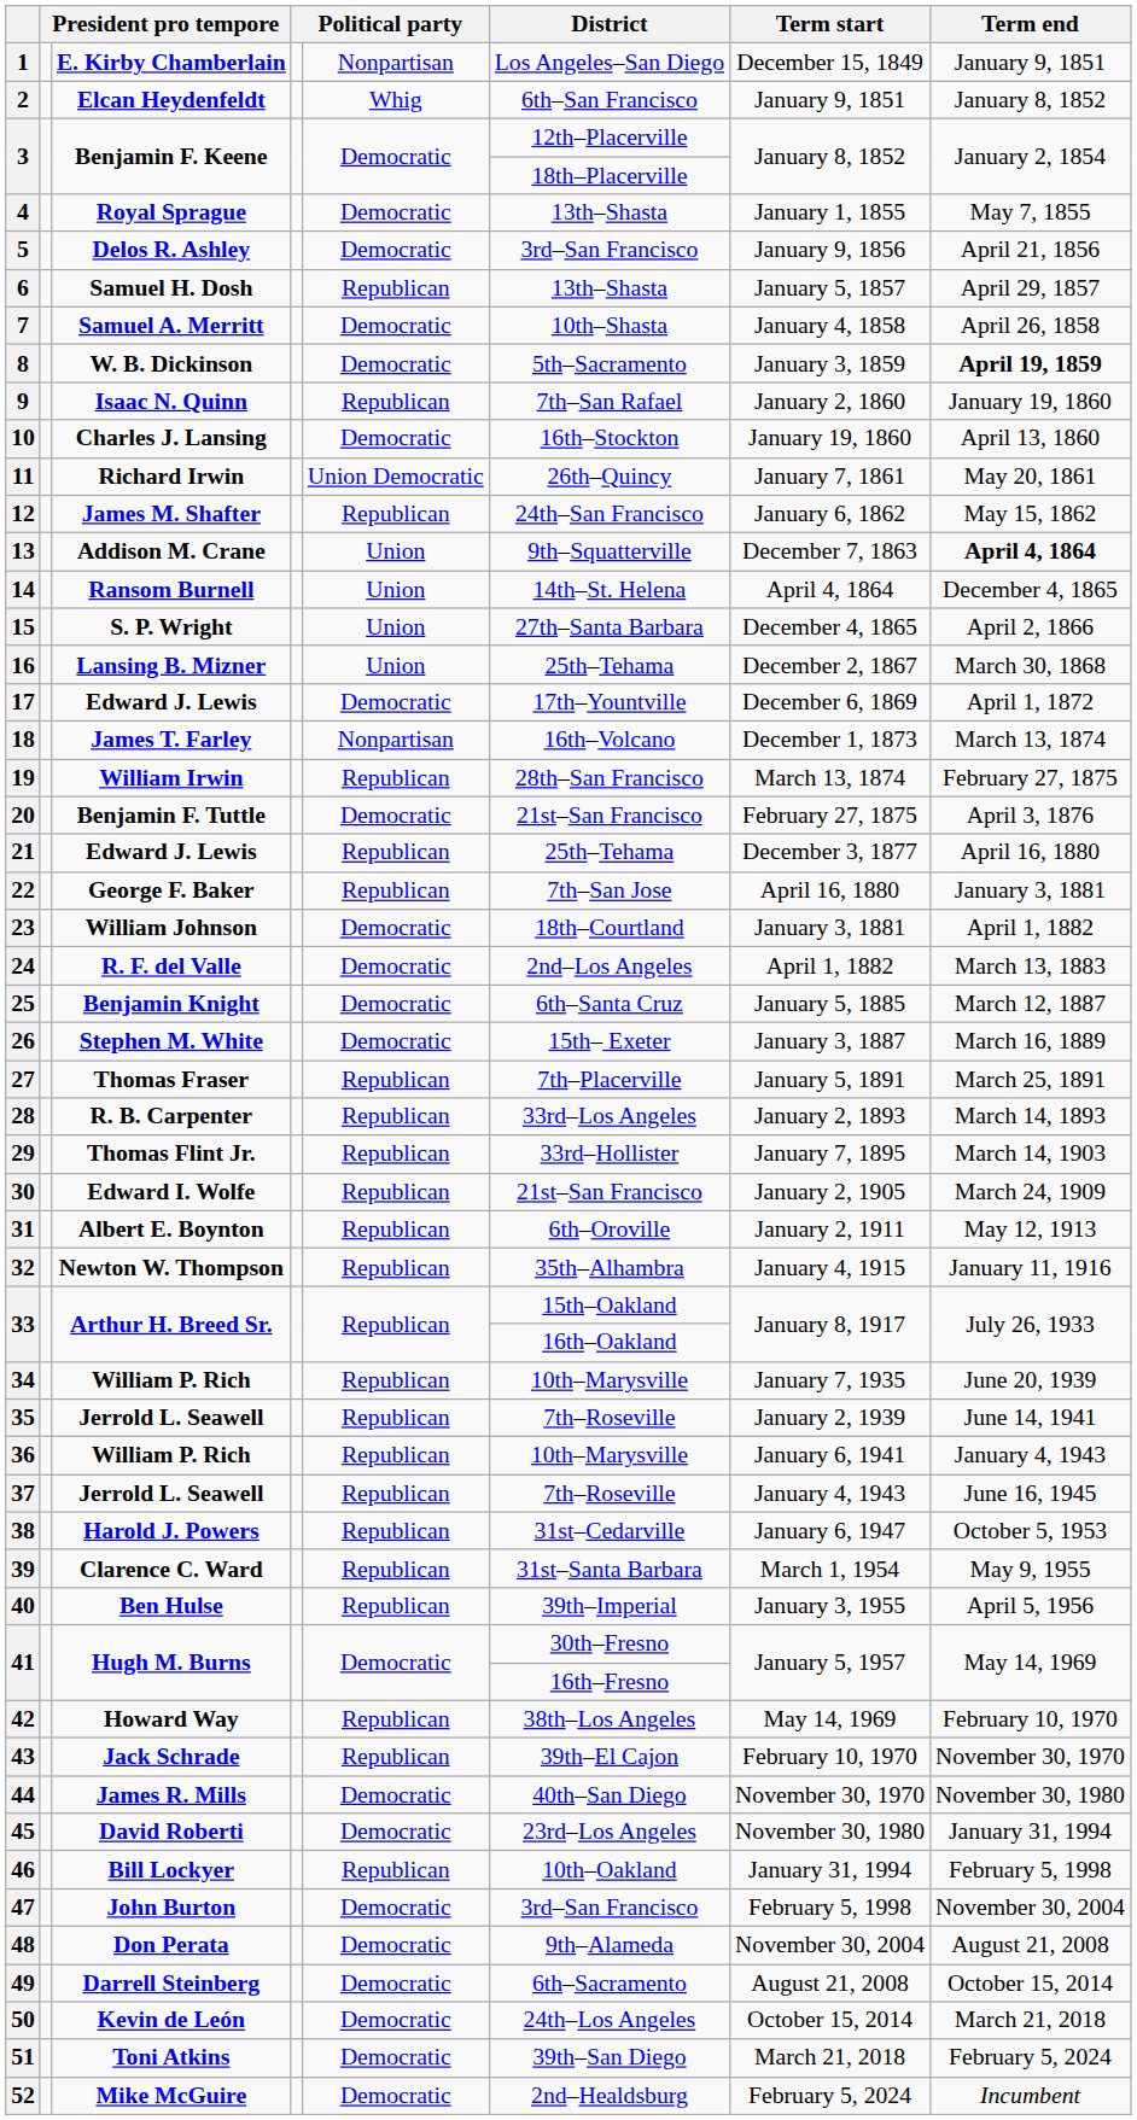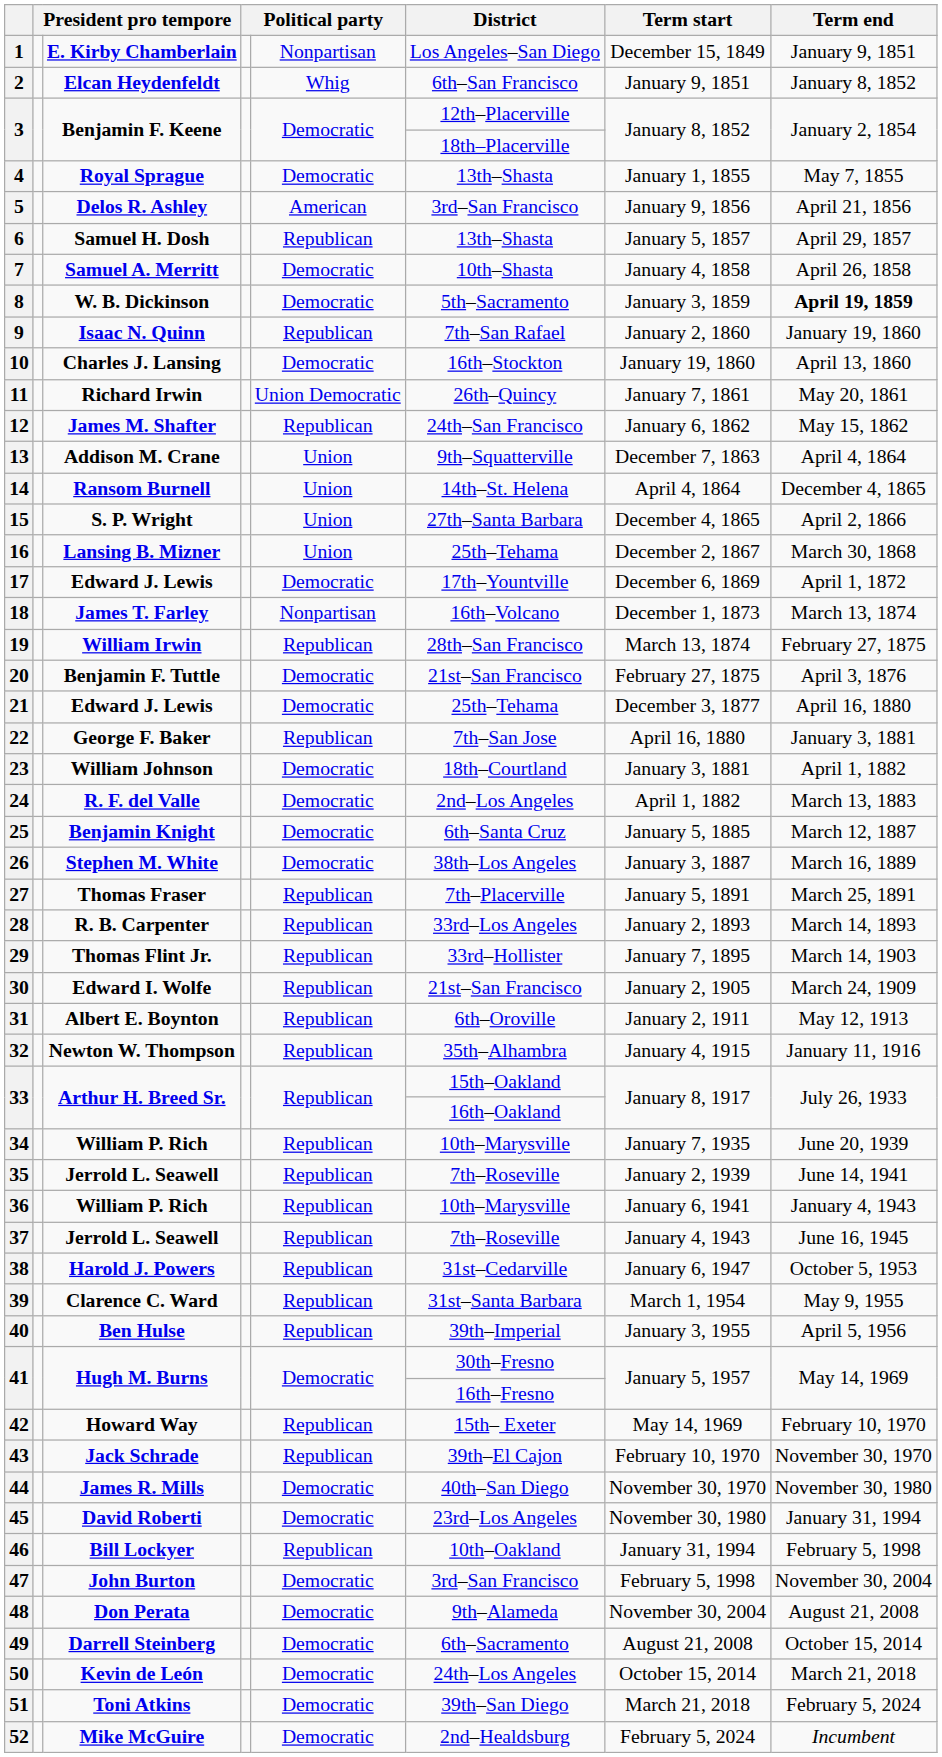 <table class="wikitable" style="text-align:center; border:1px #AAAAFF solid">
 <tr>
 <th></th>
 <th colspan="2" style="text-align:center" width="0">President pro tempore</th>
 <th colspan="2" style="text-align:center" width="0">Political party</th>
 <th>District</th>
 <th style="text-align:center" width="0">Term start</th>
 <th>Term end</th>
 </tr>
 <tr>
 <th>1</th>
 <td></td>
 <td><strong><a href='#'>E. Kirby Chamberlain</a></strong> <br></td>
 <td style="background:"></td>
 <td><a href='#'>Nonpartisan</a></td>
 <td><a href='#'>Los Angeles</a>–<a href='#'>San Diego</a></td>
 <td>December 15, 1849</td>
 <td>January 9, 1851</td>
 </tr>
 <tr>
 <th>2</th>
 <td></td>
 <td><strong><a href='#'>Elcan Heydenfeldt</a></strong> <br> </td>
 <td style="background:"></td>
 <td><a href='#'>Whig</a></td>
 <td><a href='#'>6th</a>–<a href='#'>San Francisco</a></td>
 <td>January 9, 1851</td>
 <td>January 8, 1852</td>
 </tr>
 <tr>
 <th rowspan=2>3</th>
 <td rowspan=2></td>
 <td rowspan=2><strong>Benjamin F. Keene</strong><br></td>
 <td rowspan=2 style="background:"></td>
 <td rowspan=2><a href='#'>Democratic</a></td>
 <td><a href='#'>12th</a>–<a href='#'>Placerville</a></td>
 <td rowspan=2>January 8, 1852</td>
 <td rowspan=2>January 2, 1854</td>
 </tr>
 <tr>
 <td><a href='#'>18th–Placerville</a></td>
 </tr>
 <tr>
 <th>4</th>
 <td></td>
 <td><strong><a href='#'>Royal Sprague</a></strong> <br> </td>
 <td style="background:"></td>
 <td><a href='#'>Democratic</a></td>
 <td><a href='#'>13th</a>–<a href='#'>Shasta</a></td>
 <td>January 1, 1855</td>
 <td>May 7, 1855</td>
 </tr>
 <tr>
 <th>5</th>
 <td></td>
 <td><strong><a href='#'>Delos R. Ashley</a></strong> <br> </td>
 <td style="background:"></td>
-<td><a href='#'>Democratic</a></td>
+<td><a href='#'>American</a></td>
 <td><a href='#'>3rd</a>–<a href='#'>San Francisco</a></td>
 <td>January 9, 1856</td>
 <td>April 21, 1856</td>
 </tr>
 <tr>
 <th>6</th>
 <td></td>
 <td><strong>Samuel H. Dosh</strong><br> </td>
 <td style="background:"></td>
 <td><a href='#'>Republican</a></td>
 <td><a href='#'>13th</a>–<a href='#'>Shasta</a></td>
 <td>January 5, 1857</td>
 <td>April 29, 1857</td>
 </tr>
 <tr>
 <th>7</th>
 <td></td>
 <td><strong><a href='#'>Samuel A. Merritt</a></strong> <br> </td>
 <td style="background:"></td>
 <td><a href='#'>Democratic</a></td>
 <td><a href='#'>10th</a>–<a href='#'>Shasta</a></td>
 <td>January 4, 1858</td>
 <td>April 26, 1858</td>
 </tr>
 <tr>
 <th>8</th>
 <td></td>
 <td><strong>W. B. Dickinson</strong><br></td>
 <td style="background:"></td>
 <td><a href='#'>Democratic</a></td>
 <td><a href='#'>5th</a>–<a href='#'>Sacramento</a></td>
 <td>January 3, 1859</td>
 <td><strong>April 19, 1859</strong></td>
 </tr>
 <tr>
 <th>9</th>
 <td></td>
 <td><strong><a href='#'>Isaac N. Quinn</a></strong> <br> </td>
 <td style="background:"></td>
 <td><a href='#'>Republican</a></td>
 <td><a href='#'>7th</a>–<a href='#'>San Rafael</a></td>
 <td>January 2, 1860</td>
 <td>January 19, 1860</td>
 </tr>
 <tr>
 <th>10</th>
 <td></td>
 <td><strong>Charles J. Lansing</strong><br></td>
 <td style="background:"></td>
 <td><a href='#'>Democratic</a></td>
 <td><a href='#'>16th</a>–<a href='#'>Stockton</a></td>
 <td>January 19, 1860</td>
 <td>April 13, 1860</td>
 </tr>
 <tr>
 <th>11</th>
 <td></td>
 <td><strong>Richard Irwin</strong><br></td>
 <td style="background:"></td>
 <td><a href='#'>Union Democratic</a></td>
 <td><a href='#'>26th</a>–<a href='#'>Quincy</a></td>
 <td>January 7, 1861</td>
 <td>May 20, 1861</td>
 </tr>
 <tr>
 <th>12</th>
 <td></td>
 <td><strong><a href='#'>James M. Shafter</a></strong> <br></td>
 <td style="background:"></td>
 <td><a href='#'>Republican</a></td>
 <td><a href='#'>24th</a>–<a href='#'>San Francisco</a></td>
 <td>January 6, 1862</td>
 <td>May 15, 1862</td>
 </tr>
 <tr>
 <th>13</th>
 <td></td>
 <td><strong>Addison M. Crane</strong><br></td>
 <td style="background:"></td>
 <td><a href='#'>Union</a></td>
 <td><a href='#'>9th</a>–<a href='#'>Squatterville</a></td>
 <td>December 7, 1863</td>
-<td><strong>April 4, 1864</strong></td>
+<td>April 4, 1864</td>
 </tr>
 <tr>
 <th>14</th>
 <td></td>
 <td><strong><a href='#'>Ransom Burnell</a></strong><br></td>
 <td style="background:"></td>
 <td><a href='#'>Union</a></td>
 <td><a href='#'>14th</a>–<a href='#'>St. Helena</a></td>
 <td>April 4, 1864</td>
 <td>December 4, 1865</td>
 </tr>
 <tr>
 <th>15</th>
 <td></td>
 <td><strong>S. P. Wright</strong><br></td>
 <td style="background:"></td>
 <td><a href='#'>Union</a></td>
 <td><a href='#'>27th</a>–<a href='#'>Santa Barbara</a></td>
 <td>December 4, 1865</td>
 <td>April 2, 1866</td>
 </tr>
 <tr>
 <th>16</th>
 <td></td>
 <td><strong><a href='#'>Lansing B. Mizner</a></strong><br></td>
 <td style="background:"></td>
 <td><a href='#'>Union</a></td>
 <td><a href='#'>25th</a>–<a href='#'>Tehama</a></td>
 <td>December 2, 1867</td>
 <td>March 30, 1868</td>
 </tr>
 <tr>
 <th>17</th>
 <td></td>
 <td><strong>Edward J. Lewis</strong><br></td>
 <td style="background:"></td>
 <td><a href='#'>Democratic</a></td>
 <td><a href='#'>17th</a>–<a href='#'>Yountville</a></td>
 <td>December 6, 1869</td>
 <td>April 1, 1872</td>
 </tr>
 <tr>
 <th>18</th>
 <td></td>
 <td><strong><a href='#'>James T. Farley</a></strong><br></td>
 <td style="background:"></td>
 <td><a href='#'>Nonpartisan</a></td>
 <td><a href='#'>16th</a>–<a href='#'>Volcano</a></td>
 <td>December 1, 1873</td>
 <td>March 13, 1874</td>
 </tr>
 <tr>
 <th>19</th>
 <td></td>
 <td><strong><a href='#'>William Irwin</a></strong><br></td>
 <td style="background:"></td>
 <td><a href='#'>Republican</a></td>
 <td><a href='#'>28th</a>–<a href='#'>San Francisco</a></td>
 <td>March 13, 1874</td>
 <td>February 27, 1875</td>
 </tr>
 <tr>
 <th>20</th>
 <td></td>
 <td><strong>Benjamin F. Tuttle</strong><br></td>
 <td style="background:"></td>
 <td><a href='#'>Democratic</a></td>
 <td><a href='#'>21st</a>–<a href='#'>San Francisco</a></td>
 <td>February 27, 1875</td>
 <td>April 3, 1876</td>
 </tr>
 <tr>
 <th>21</th>
 <td></td>
 <td><strong>Edward J. Lewis</strong><br></td>
 <td style="background:"></td>
-<td><a href='#'>Republican</a></td>
+<td><a href='#'>Democratic</a></td>
 <td><a href='#'>25th</a>–<a href='#'>Tehama</a></td>
 <td>December 3, 1877</td>
 <td>April 16, 1880</td>
 </tr>
 <tr>
 <th>22</th>
 <td></td>
 <td><strong>George F. Baker</strong><br></td>
 <td style="background:"></td>
 <td><a href='#'>Republican</a></td>
 <td><a href='#'>7th</a>–<a href='#'>San Jose</a></td>
 <td>April 16, 1880</td>
 <td>January 3, 1881</td>
 </tr>
 <tr>
 <th>23</th>
 <td></td>
 <td><strong>William Johnson</strong> <br> </td>
 <td style="background:"></td>
 <td><a href='#'>Democratic</a></td>
 <td><a href='#'>18th</a>–<a href='#'>Courtland</a></td>
 <td>January 3, 1881</td>
 <td>April 1, 1882</td>
 </tr>
 <tr>
 <th>24</th>
 <td></td>
 <td><strong><a href='#'>R. F. del Valle</a></strong> <br> </td>
 <td style="background:"></td>
 <td><a href='#'>Democratic</a></td>
 <td><a href='#'>2nd</a>–<a href='#'>Los Angeles</a></td>
 <td>April 1, 1882</td>
 <td>March 13, 1883</td>
 </tr>
 <tr>
 <th>25</th>
 <td></td>
 <td><strong><a href='#'>Benjamin Knight</a></strong> <br> </td>
 <td style="background:"></td>
 <td><a href='#'>Democratic</a></td>
 <td><a href='#'>6th</a>–<a href='#'>Santa Cruz</a></td>
 <td>January 5, 1885</td>
 <td>March 12, 1887</td>
 </tr>
 <tr>
 <th>26</th>
 <td></td>
 <td><strong><a href='#'>Stephen M. White</a></strong> <br> </td>
 <td style="background:"></td>
 <td><a href='#'>Democratic</a></td>
-<td><a href='#'>15th</a>–<a href='#'> Exeter</a></td>
+<td><a href='#'>38th</a>–<a href='#'>Los Angeles</a></td>
 <td>January 3, 1887</td>
 <td>March 16, 1889</td>
 </tr>
 <tr>
 <th>27</th>
 <td></td>
 <td><strong>Thomas Fraser</strong> <br> </td>
 <td style="background:"></td>
 <td><a href='#'>Republican</a></td>
 <td><a href='#'>7th</a>–<a href='#'>Placerville</a></td>
 <td>January 5, 1891</td>
 <td>March 25, 1891</td>
 </tr>
 <tr>
 <th>28</th>
 <td></td>
 <td><strong>R. B. Carpenter</strong> <br> </td>
 <td style="background:"></td>
 <td><a href='#'>Republican</a></td>
 <td><a href='#'>33rd</a>–<a href='#'>Los Angeles</a></td>
 <td>January 2, 1893</td>
 <td>March 14, 1893</td>
 </tr>
 <tr>
 <th>29</th>
 <td></td>
 <td><strong>Thomas Flint Jr.</strong> <br> </td>
 <td style="background:"></td>
 <td><a href='#'>Republican</a></td>
 <td><a href='#'>33rd</a>–<a href='#'>Hollister</a></td>
 <td>January 7, 1895</td>
 <td>March 14, 1903</td>
 </tr>
 <tr>
 <th>30</th>
 <td></td>
 <td><strong>Edward I. Wolfe</strong> <br> </td>
 <td style="background:"></td>
 <td><a href='#'>Republican</a></td>
 <td><a href='#'>21st</a>–<a href='#'>San Francisco</a></td>
 <td>January 2, 1905</td>
 <td>March 24, 1909</td>
 </tr>
 <tr>
 <th>31</th>
 <td></td>
 <td><strong>Albert E. Boynton</strong> <br> </td>
 <td style="background:"></td>
 <td><a href='#'>Republican</a></td>
 <td><a href='#'>6th</a>–<a href='#'>Oroville</a></td>
 <td>January 2, 1911</td>
 <td>May 12, 1913</td>
 </tr>
 <tr>
 <th>32</th>
 <td></td>
 <td><strong>Newton W. Thompson</strong> <br> </td>
 <td style="background:"></td>
 <td><a href='#'>Republican</a></td>
 <td><a href='#'>35th</a>–<a href='#'>Alhambra</a></td>
 <td>January 4, 1915</td>
 <td>January 11, 1916</td>
 </tr>
 <tr>
 <th rowspan=2>33</th>
 <td rowspan=2></td>
 <td rowspan=2><strong><a href='#'>Arthur H. Breed Sr.</a></strong> <br> </td>
 <td rowspan=2 style="background:"></td>
 <td rowspan=2><a href='#'>Republican</a></td>
 <td><a href='#'>15th</a>–<a href='#'>Oakland</a></td>
 <td rowspan=2>January 8, 1917</td>
 <td rowspan=2>July 26, 1933</td>
 </tr>
 <tr>
 <td><a href='#'>16th</a>–<a href='#'>Oakland</a></td>
 </tr>
 <tr>
 <th>34</th>
 <td></td>
 <td><strong>William P. Rich</strong> <br> </td>
 <td style="background:"></td>
 <td><a href='#'>Republican</a></td>
 <td><a href='#'>10th</a>–<a href='#'>Marysville</a></td>
 <td>January 7, 1935</td>
 <td>June 20, 1939</td>
 </tr>
 <tr>
 <th>35</th>
 <td></td>
 <td><strong>Jerrold L. Seawell</strong> <br> </td>
 <td style="background:"></td>
 <td><a href='#'>Republican</a></td>
 <td><a href='#'>7th</a>–<a href='#'>Roseville</a></td>
 <td>January 2, 1939</td>
 <td>June 14, 1941</td>
 </tr>
 <tr>
 <th>36</th>
 <td></td>
 <td><strong>William P. Rich</strong> <br> </td>
 <td style="background:"></td>
 <td><a href='#'>Republican</a></td>
 <td><a href='#'>10th</a>–<a href='#'>Marysville</a></td>
 <td>January 6, 1941</td>
 <td>January 4, 1943</td>
 </tr>
 <tr>
 <th>37</th>
 <td></td>
 <td><strong>Jerrold L. Seawell</strong> <br> </td>
 <td style="background:"></td>
 <td><a href='#'>Republican</a></td>
 <td><a href='#'>7th</a>–<a href='#'>Roseville</a></td>
 <td>January 4, 1943</td>
 <td>June 16, 1945</td>
 </tr>
 <tr>
 <th>38</th>
 <td></td>
 <td><strong><a href='#'>Harold J. Powers</a></strong> <br> </td>
 <td style="background:"></td>
 <td><a href='#'>Republican</a></td>
 <td><a href='#'>31st</a>–<a href='#'>Cedarville</a></td>
 <td>January 6, 1947</td>
 <td>October 5, 1953</td>
 </tr>
 <tr>
 <th>39</th>
 <td></td>
 <td><strong>Clarence C. Ward</strong> <br> </td>
 <td style="background:"></td>
 <td><a href='#'>Republican</a></td>
 <td><a href='#'>31st</a>–<a href='#'>Santa Barbara</a></td>
 <td>March 1, 1954</td>
 <td>May 9, 1955</td>
 </tr>
 <tr>
 <th>40</th>
 <td></td>
 <td><strong><a href='#'>Ben Hulse</a></strong> <br></td>
 <td style="background:"></td>
 <td><a href='#'>Republican</a></td>
 <td><a href='#'>39th</a>–<a href='#'>Imperial</a></td>
 <td>January 3, 1955</td>
 <td>April 5, 1956</td>
 </tr>
 <tr>
 <th rowspan="2">41</th>
 <td rowspan="2"></td>
 <td rowspan="2"><strong><a href='#'>Hugh M. Burns</a></strong> <br> </td>
 <td rowspan=2 style="background:"></td>
 <td rowspan="2"><a href='#'>Democratic</a></td>
 <td><a href='#'>30th</a>–<a href='#'>Fresno</a></td>
 <td rowspan="2">January 5, 1957</td>
 <td rowspan="2">May 14, 1969</td>
 </tr>
 <tr>
 <td rowspan="1"><a href='#'>16th</a>–<a href='#'>Fresno</a></td>
 </tr>
 <tr>
 <th>42</th>
 <td></td>
 <td><strong>Howard Way</strong> <br> </td>
 <td style="background:"></td>
 <td><a href='#'>Republican</a></td>
-<td><a href='#'>38th</a>–<a href='#'>Los Angeles</a></td>
+<td><a href='#'>15th</a>–<a href='#'> Exeter</a></td>
 <td>May 14, 1969</td>
 <td>February 10, 1970</td>
 </tr>
 <tr>
 <th>43</th>
 <td></td>
 <td><strong><a href='#'>Jack Schrade</a></strong> <br> </td>
 <td style="background:"></td>
 <td><a href='#'>Republican</a></td>
 <td><a href='#'>39th</a>–<a href='#'>El Cajon</a></td>
 <td>February 10, 1970</td>
 <td>November 30, 1970</td>
 </tr>
 <tr>
 <th rowspan="1">44</th>
 <td rowspan="1"></td>
 <td rowspan="1"><strong><a href='#'>James R. Mills</a></strong> <br> </td>
 <td rowspan=1 style="background:"></td>
 <td rowspan="1"><a href='#'>Democratic</a></td>
 <td rowspan="1"><a href='#'>40th</a>–<a href='#'>San Diego</a></td>
 <td rowspan="1">November 30, 1970</td>
 <td rowspan="1">November 30, 1980</td>
 </tr>
 <tr>
 <th rowspan="1">45</th>
 <td rowspan="1"></td>
 <td rowspan="1"><strong><a href='#'>David Roberti</a></strong> <br> </td>
 <td rowspan="1" style="background:"></td>
 <td rowspan="1"><a href='#'>Democratic</a></td>
 <td rowspan="1"><a href='#'>23rd</a>–<a href='#'>Los Angeles</a></td>
 <td rowspan="1">November 30, 1980</td>
 <td rowspan="1">January 31, 1994</td>
 </tr>
 <tr>
 <th rowspan="1">46</th>
 <td rowspan="1"></td>
 <td rowspan="1"><strong><a href='#'>Bill Lockyer</a></strong> <br> </td>
 <td rowspan=1 style="background:"></td>
 <td><a href='#'>Republican</a></td>
 <td rowspan="1"><a href='#'>10th</a>–<a href='#'>Oakland</a></td>
 <td rowspan="1">January 31, 1994</td>
 <td rowspan="1">February 5, 1998</td>
 </tr>
 <tr>
 <th rowspan="1">47</th>
 <td rowspan="1"></td>
 <td rowspan="1"><strong><a href='#'>John Burton</a></strong> <br> </td>
 <td rowspan=1 style="background:"></td>
 <td rowspan="1"><a href='#'>Democratic</a></td>
 <td rowspan="1"><a href='#'>3rd</a>–<a href='#'>San Francisco</a></td>
 <td rowspan="1">February 5, 1998</td>
 <td rowspan="1">November 30, 2004</td>
 </tr>
 <tr>
 <th rowspan="1">48</th>
 <td rowspan="1"></td>
 <td rowspan="1"><strong><a href='#'>Don Perata</a></strong> <br> </td>
 <td rowspan=1 style="background:"></td>
 <td rowspan="1"><a href='#'>Democratic</a></td>
 <td rowspan="1"><a href='#'>9th</a>–<a href='#'>Alameda</a></td>
 <td rowspan="1">November 30, 2004</td>
 <td rowspan="1">August 21, 2008</td>
 </tr>
 <tr>
 <th rowspan="1">49</th>
 <td rowspan="1"></td>
 <td rowspan="1"><strong><a href='#'>Darrell Steinberg</a></strong> <br> </td>
 <td rowspan=1 style="background:"></td>
 <td rowspan="1"><a href='#'>Democratic</a></td>
 <td rowspan="1"><a href='#'>6th</a>–<a href='#'>Sacramento</a></td>
 <td rowspan="1">August 21, 2008</td>
 <td rowspan="1">October 15, 2014</td>
 </tr>
 <tr>
 <th>50</th>
 <td></td>
 <td><strong><a href='#'>Kevin de León</a></strong> <br> </td>
 <td style="background:"></td>
 <td><a href='#'>Democratic</a></td>
 <td><a href='#'>24th</a>–<a href='#'>Los Angeles</a></td>
 <td>October 15, 2014</td>
 <td>March 21, 2018</td>
 </tr>
 <tr>
 <th rowspan="1">51</th>
 <td rowspan="1"></td>
 <td rowspan="1"><strong><a href='#'>Toni Atkins</a></strong> <br> </td>
 <td rowspan=1 style="background:"></td>
 <td rowspan="1"><a href='#'>Democratic</a></td>
 <td rowspan="1"><a href='#'>39th</a>–<a href='#'>San Diego</a></td>
 <td>March 21, 2018</td>
 <td>February 5, 2024</td>
 </tr>
 <tr>
 <th>52</th>
 <td rowspan=1></td>
 <td rowspan=1><strong><a href='#'>Mike McGuire</a></strong> <br> </td>
 <td rowspan=1 style="background:"></td>
 <td rowspan="1"><a href='#'>Democratic</a></td>
 <td rowspan="1"><a href='#'>2nd</a>–<a href='#'>Healdsburg</a></td>
 <td rowspan="1">February 5, 2024</td>
 <td rowspan=1><em>Incumbent</em></td>
 </tr>
 </table>
